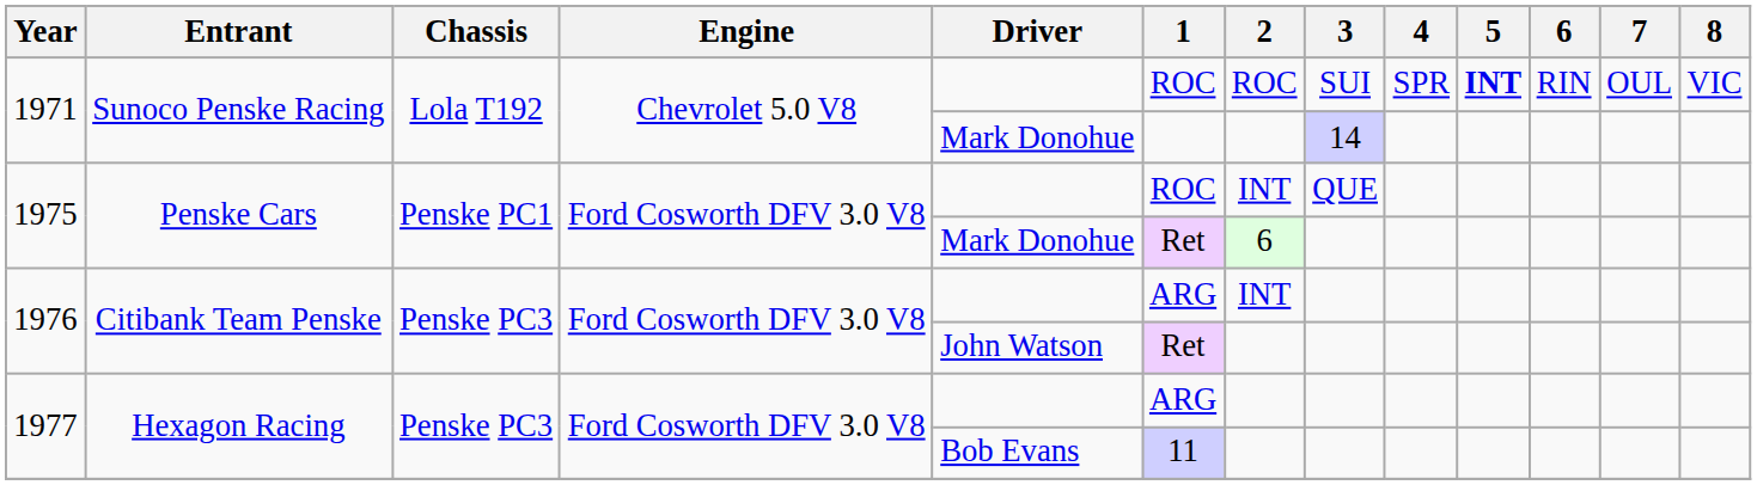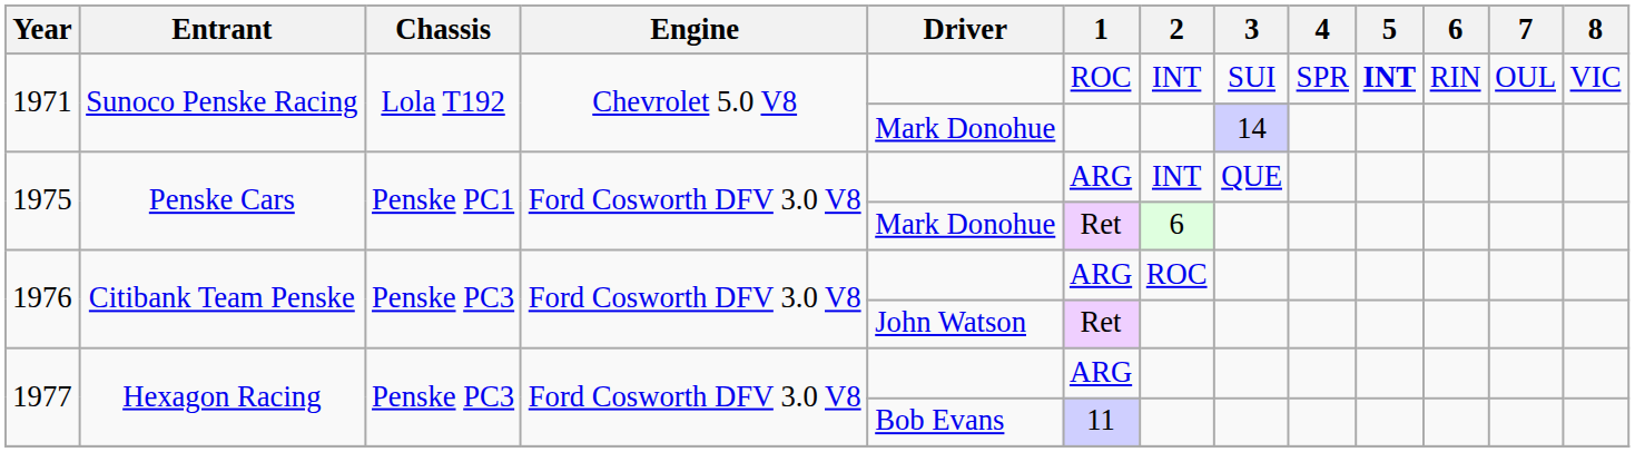 <table class="wikitable" style="text-align:center; font-size:85%">
 <tr>
 <th>Year</th>
 <th>Entrant</th>
 <th>Chassis</th>
 <th>Engine</th>
 <th>Driver</th>
 <th>1</th>
 <th>2</th>
 <th>3</th>
 <th>4</th>
 <th>5</th>
 <th>6</th>
 <th>7</th>
 <th>8</th>
 </tr>
 <tr>
 <td rowspan="2">1971</td>
 <td rowspan="2"><a href='#'>Sunoco Penske Racing</a></td>
 <td rowspan="2"><a href='#'>Lola</a> <a href='#'>T192</a></td>
 <td rowspan="2"><a href='#'>Chevrolet</a> 5.0 <a href='#'>V8</a></td>
 <td></td>
 <td><a href='#'>ROC</a></td>
-<td><a href='#'>ROC</a></td>
+<td><a href='#'>INT</a></td>
 <td><a href='#'>SUI</a></td>
 <td><a href='#'>SPR</a></td>
 <td><strong><a href='#'>INT</a></strong></td>
 <td><a href='#'>RIN</a></td>
 <td><a href='#'>OUL</a></td>
 <td><a href='#'>VIC</a></td>
 </tr>
 <tr>
 <td align=left> <a href='#'>Mark Donohue</a></td>
 <td></td>
 <td></td>
 <td style="background:#CFCFFF;">14</td>
 <td></td>
 <td></td>
 <td></td>
 <td></td>
 <td></td>
 </tr>
 <tr>
 <td rowspan="2">1975</td>
 <td rowspan="2"><a href='#'>Penske Cars</a></td>
 <td rowspan="2"><a href='#'>Penske</a> <a href='#'>PC1</a></td>
 <td rowspan="2"><a href='#'>Ford Cosworth DFV</a> 3.0 <a href='#'>V8</a></td>
 <td></td>
-<td><a href='#'>ROC</a></td>
+<td><a href='#'>ARG</a></td>
 <td><a href='#'>INT</a></td>
 <td><a href='#'>QUE</a></td>
 <td></td>
 <td></td>
 <td></td>
 <td></td>
 <td></td>
 </tr>
 <tr>
 <td align=left> <a href='#'>Mark Donohue</a></td>
 <td style="background:#EFCFFF;">Ret</td>
 <td style="background:#DFFFDF;">6</td>
 <td></td>
 <td></td>
 <td></td>
 <td></td>
 <td></td>
 <td></td>
 </tr>
 <tr>
 <td rowspan="2">1976</td>
 <td rowspan="2"><a href='#'>Citibank Team Penske</a></td>
 <td rowspan="2"><a href='#'>Penske</a> <a href='#'>PC3</a></td>
 <td rowspan="2"><a href='#'>Ford Cosworth DFV</a> 3.0 <a href='#'>V8</a></td>
 <td></td>
 <td><a href='#'>ARG</a></td>
-<td><a href='#'>INT</a></td>
+<td><a href='#'>ROC</a></td>
 <td></td>
 <td></td>
 <td></td>
 <td></td>
 <td></td>
 <td></td>
 </tr>
 <tr>
 <td align=left> <a href='#'>John Watson</a></td>
 <td style="background:#EFCFFF;">Ret</td>
 <td></td>
 <td></td>
 <td></td>
 <td></td>
 <td></td>
 <td></td>
 <td></td>
 </tr>
 <tr>
 <td rowspan="2">1977</td>
 <td rowspan="2"><a href='#'>Hexagon Racing</a></td>
 <td rowspan="2"><a href='#'>Penske</a> <a href='#'>PC3</a></td>
 <td rowspan="2"><a href='#'>Ford Cosworth DFV</a> 3.0 <a href='#'>V8</a></td>
 <td></td>
 <td><a href='#'>ARG</a></td>
 <td></td>
 <td></td>
 <td></td>
 <td></td>
 <td></td>
 <td></td>
 <td></td>
 </tr>
 <tr>
 <td align=left> <a href='#'>Bob Evans</a></td>
 <td style="background:#CFCFFF;">11</td>
 <td></td>
 <td></td>
 <td></td>
 <td></td>
 <td></td>
 <td></td>
 <td></td>
 </tr>
 <tr>
 </tr>
 </table>
